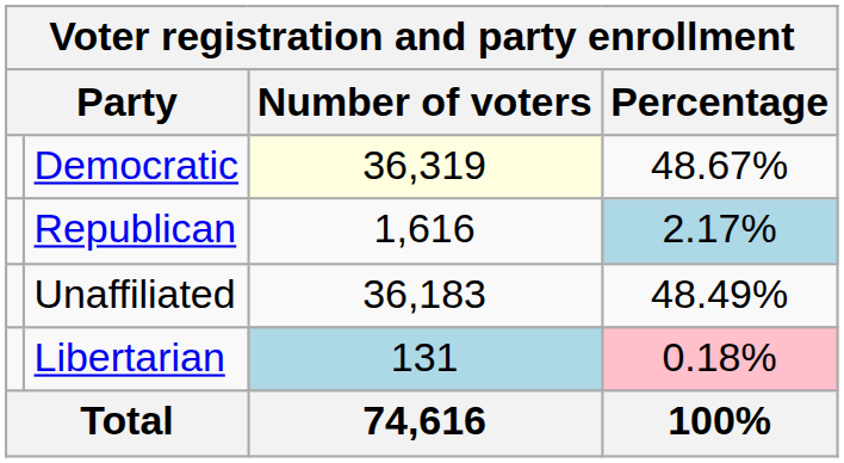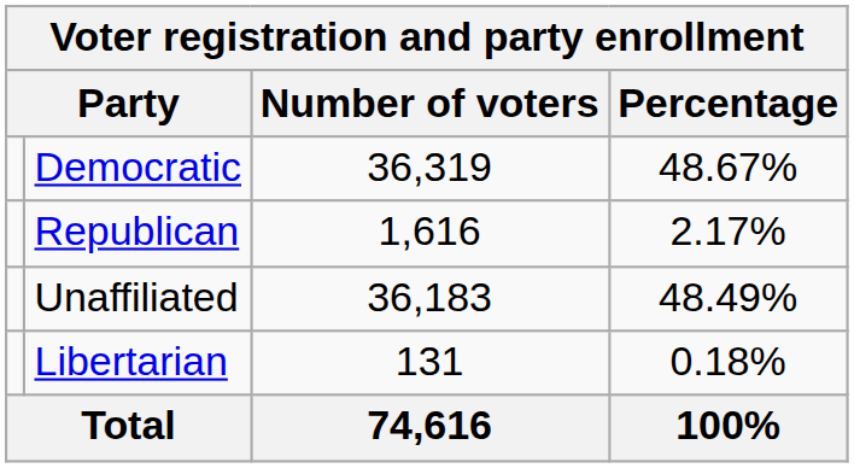 <table class=wikitable>
 <tr>
 <th colspan = 6>Voter registration and party enrollment </th>
 </tr>
 <tr>
 <th colspan = 2>Party</th>
 <th>Number of voters</th>
 <th>Percentage</th>
 </tr>
 <tr>
 <td></td>
 <td><a href='#'>Democratic</a></td>
-<td style="background: lightyellow; text-align:center;">36,319</td>
+<td style="text-align:center;">36,319</td>
 <td style="text-align:center;">48.67%</td>
 </tr>
 <tr>
 <td></td>
 <td><a href='#'>Republican</a></td>
 <td style="text-align:center;">1,616</td>
-<td style="background: lightblue; text-align:center;">2.17%</td>
+<td style="text-align:center;">2.17%</td>
 </tr>
 <tr>
 <td></td>
 <td>Unaffiliated</td>
 <td style="text-align:center;">36,183</td>
 <td style="text-align:center;">48.49%</td>
 </tr>
 <tr>
 <td></td>
 <td><a href='#'>Libertarian</a></td>
-<td style="background: lightblue; text-align:center;">131</td>
-<td style="background: pink; text-align:center;">0.18%</td>
+<td style="text-align:center;">131</td>
+<td style="text-align:center;">0.18%</td>
 </tr>
 <tr>
 <th colspan = 2>Total</th>
 <th style="text-align:center;">74,616</th>
 <th style="text-align:center;">100%</th>
 </tr>
 </table>
